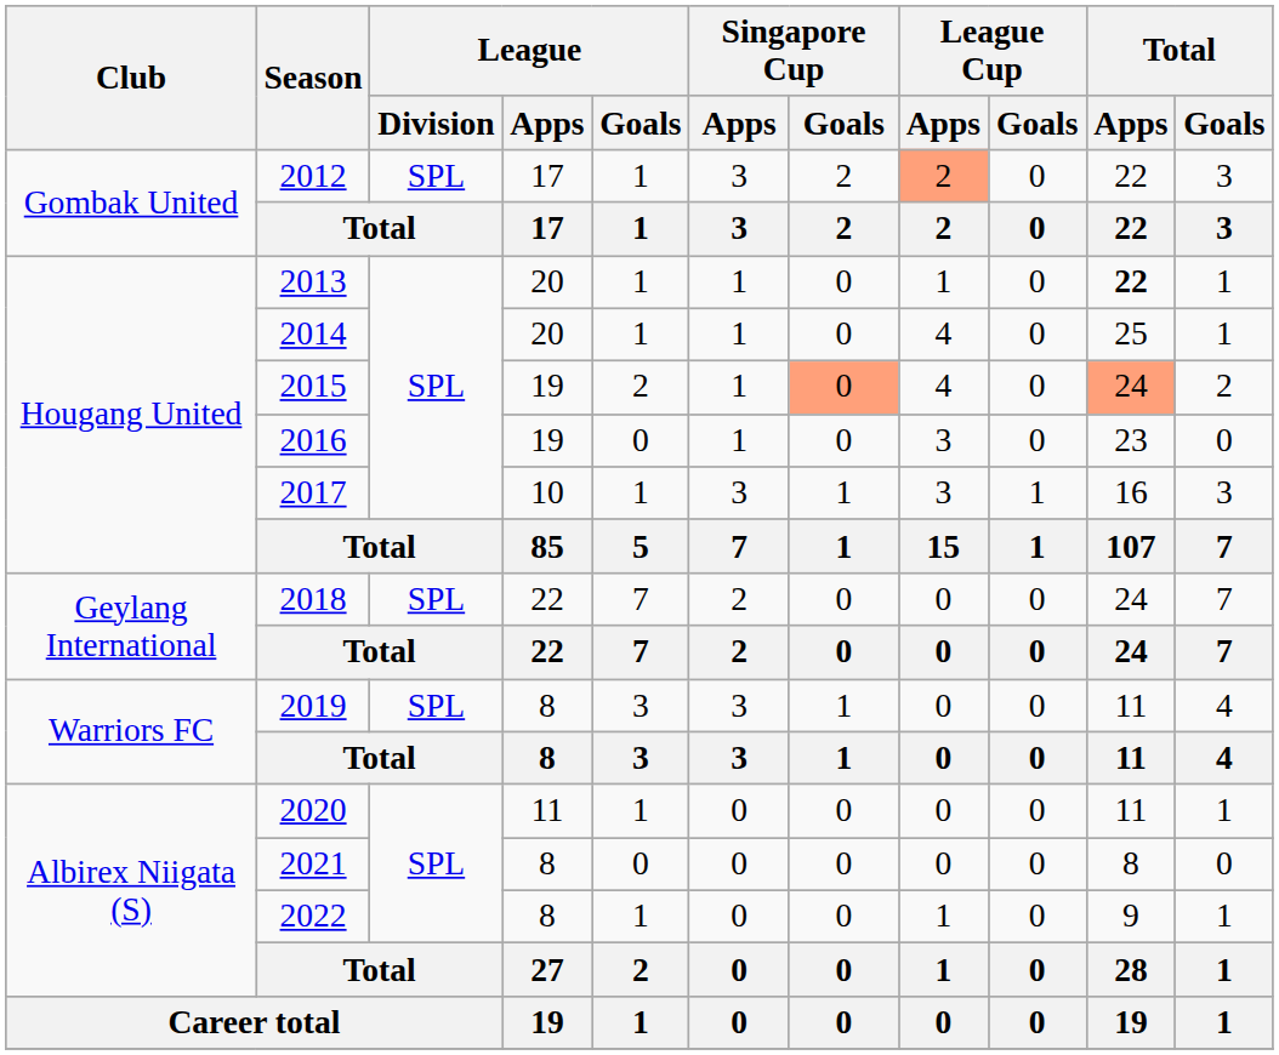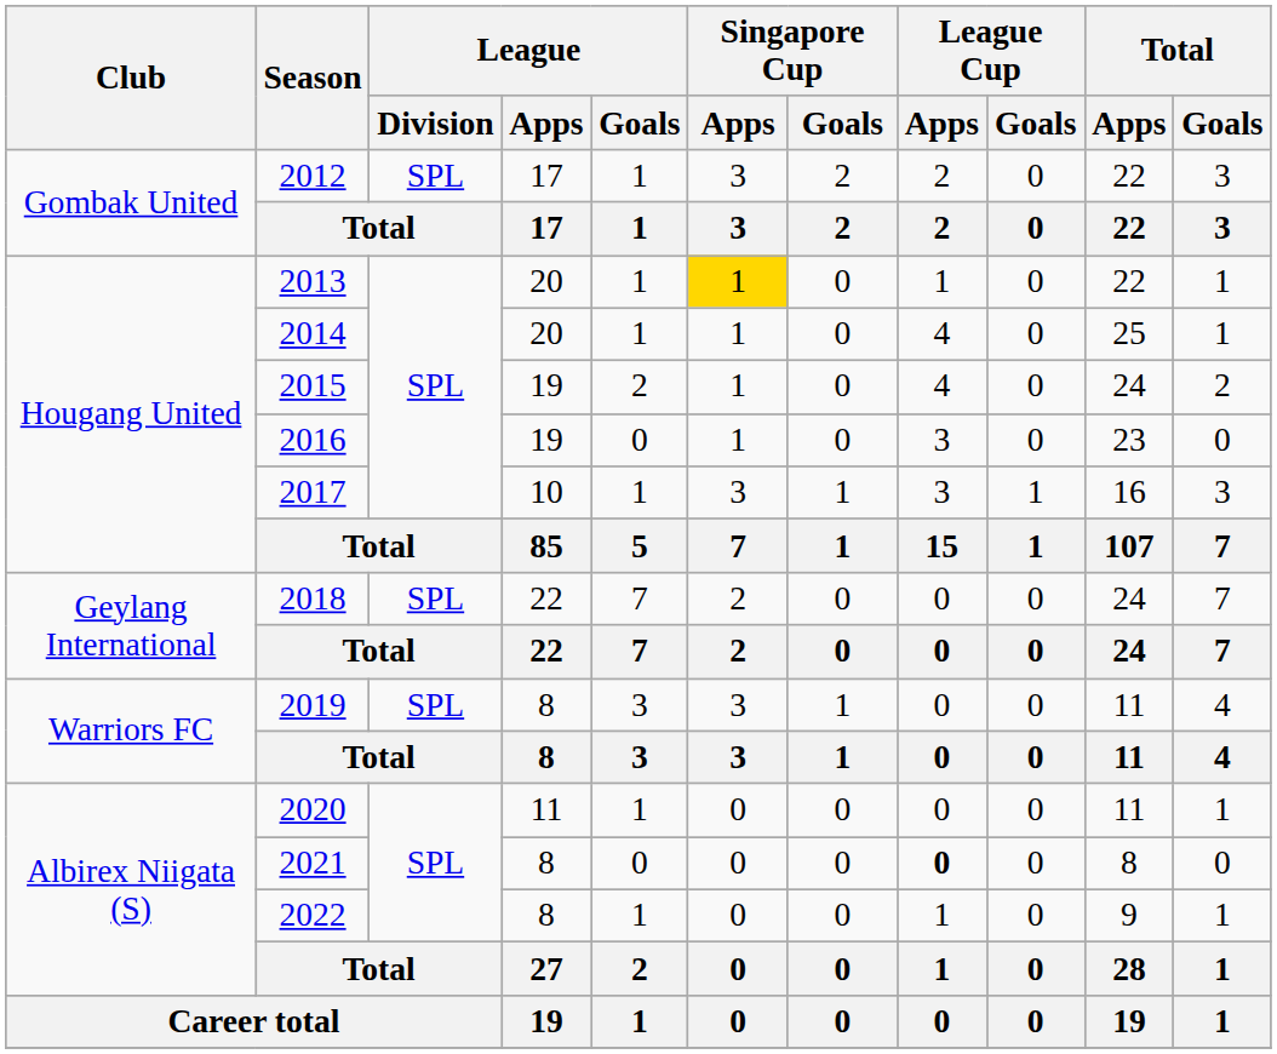 <table class="wikitable" style="text-align: center">
 <tr>
 <th rowspan="2">Club</th>
 <th rowspan="2">Season</th>
 <th colspan="3">League</th>
 <th colspan="2">Singapore Cup</th>
 <th colspan="2">League Cup</th>
 <th colspan="2">Total</th>
 </tr>
 <tr>
 <th>Division</th>
 <th>Apps</th>
 <th>Goals</th>
 <th>Apps</th>
 <th>Goals</th>
 <th>Apps</th>
 <th>Goals</th>
 <th>Apps</th>
 <th>Goals</th>
 </tr>
 <tr>
 <td rowspan="2"><a href='#'>Gombak United</a></td>
 <td><a href='#'>2012</a></td>
 <td rowspan="1"><a href='#'>SPL</a></td>
 <td>17</td>
 <td>1</td>
 <td>3</td>
 <td>2</td>
-<td style="background: lightsalmon;">2</td>
+<td>2</td>
 <td>0</td>
 <td>22</td>
 <td>3</td>
 </tr>
 <tr>
 <th colspan=2>Total</th>
 <th>17</th>
 <th>1</th>
 <th>3</th>
 <th>2</th>
 <th>2</th>
 <th>0</th>
 <th>22</th>
 <th>3</th>
 </tr>
 <tr>
 <td rowspan="6"><a href='#'>Hougang United</a></td>
 <td><a href='#'>2013</a></td>
 <td rowspan="5"><a href='#'>SPL</a></td>
 <td>20</td>
 <td>1</td>
-<td>1</td>
+<td style="background: gold;">1</td>
 <td>0</td>
 <td>1</td>
 <td>0</td>
-<td><strong>22</strong></td>
+<td>22</td>
 <td>1</td>
 </tr>
 <tr>
 <td><a href='#'>2014</a></td>
 <td>20</td>
 <td>1</td>
 <td>1</td>
 <td>0</td>
 <td>4</td>
 <td>0</td>
 <td>25</td>
 <td>1</td>
 </tr>
 <tr>
 <td><a href='#'>2015</a></td>
 <td>19</td>
 <td>2</td>
 <td>1</td>
-<td style="background: lightsalmon;">0</td>
+<td>0</td>
 <td>4</td>
 <td>0</td>
-<td style="background: lightsalmon;">24</td>
+<td>24</td>
 <td>2</td>
 </tr>
 <tr>
 <td><a href='#'>2016</a></td>
 <td>19</td>
 <td>0</td>
 <td>1</td>
 <td>0</td>
 <td>3</td>
 <td>0</td>
 <td>23</td>
 <td>0</td>
 </tr>
 <tr>
 <td><a href='#'>2017</a></td>
 <td>10</td>
 <td>1</td>
 <td>3</td>
 <td>1</td>
 <td>3</td>
 <td>1</td>
 <td>16</td>
 <td>3</td>
 </tr>
 <tr>
 <th colspan=2>Total</th>
 <th>85</th>
 <th>5</th>
 <th>7</th>
 <th>1</th>
 <th>15</th>
 <th>1</th>
 <th>107</th>
 <th>7</th>
 </tr>
 <tr>
 <td rowspan="2"><a href='#'>Geylang International</a></td>
 <td><a href='#'>2018</a></td>
 <td rowspan="1"><a href='#'>SPL</a></td>
 <td>22</td>
 <td>7</td>
 <td>2</td>
 <td>0</td>
 <td>0</td>
 <td>0</td>
 <td>24</td>
 <td>7</td>
 </tr>
 <tr>
 <th colspan=2>Total</th>
 <th>22</th>
 <th>7</th>
 <th>2</th>
 <th>0</th>
 <th>0</th>
 <th>0</th>
 <th>24</th>
 <th>7</th>
 </tr>
 <tr>
 <td rowspan="2"><a href='#'>Warriors FC</a></td>
 <td><a href='#'>2019</a></td>
 <td rowspan="1"><a href='#'>SPL</a></td>
 <td>8</td>
 <td>3</td>
 <td>3</td>
 <td>1</td>
 <td>0</td>
 <td>0</td>
 <td>11</td>
 <td>4</td>
 </tr>
 <tr>
 <th colspan=2>Total</th>
 <th>8</th>
 <th>3</th>
 <th>3</th>
 <th>1</th>
 <th>0</th>
 <th>0</th>
 <th>11</th>
 <th>4</th>
 </tr>
 <tr>
 <td rowspan="4"><a href='#'>Albirex Niigata (S)</a></td>
 <td><a href='#'>2020</a></td>
 <td rowspan="3"><a href='#'>SPL</a></td>
 <td>11</td>
 <td>1</td>
 <td>0</td>
 <td>0</td>
 <td>0</td>
 <td>0</td>
 <td>11</td>
 <td>1</td>
 </tr>
 <tr>
 <td><a href='#'>2021</a></td>
 <td>8</td>
 <td>0</td>
 <td>0</td>
 <td>0</td>
-<td>0</td>
+<td><strong>0</strong></td>
 <td>0</td>
 <td>8</td>
 <td>0</td>
 </tr>
 <tr>
 <td><a href='#'>2022</a></td>
 <td>8</td>
 <td>1</td>
 <td>0</td>
 <td>0</td>
 <td>1</td>
 <td>0</td>
 <td>9</td>
 <td>1</td>
 </tr>
 <tr>
 <th colspan=2>Total</th>
 <th>27</th>
 <th>2</th>
 <th>0</th>
 <th>0</th>
 <th>1</th>
 <th>0</th>
 <th>28</th>
 <th>1</th>
 </tr>
 <tr>
 <th colspan=3>Career total</th>
 <th>19</th>
 <th>1</th>
 <th>0</th>
 <th>0</th>
 <th>0</th>
 <th>0</th>
 <th>19</th>
 <th>1</th>
 </tr>
 <tr>
 </tr>
 </table>
